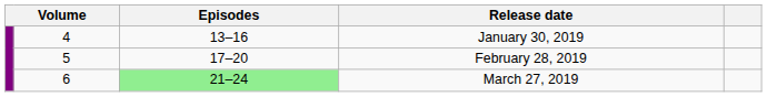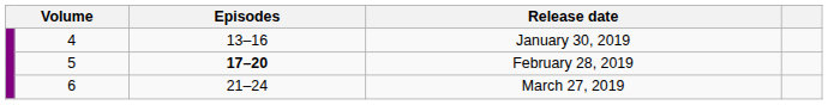 <table class="wikitable" style="text-align: center; width: 70%;">
 <tr>
 <th colspan="2" width="15%">Volume</th>
 <th>Episodes</th>
 <th>Release date</th>
 <th width="5%"></th>
 </tr>
 <tr>
 <td rowspan="4" width="1%" style="background: #800080"></td>
 <td>4</td>
 <td>13–16</td>
 <td>January 30, 2019</td>
 <td></td>
 </tr>
 <tr>
 <td>5</td>
-<td>17–20</td>
+<td><strong>17–20</strong></td>
 <td>February 28, 2019</td>
 <td></td>
 </tr>
 <tr>
 <td>6</td>
-<td style="background: lightgreen;">21–24</td>
+<td>21–24</td>
 <td>March 27, 2019</td>
 <td></td>
 </tr>
 </table>
